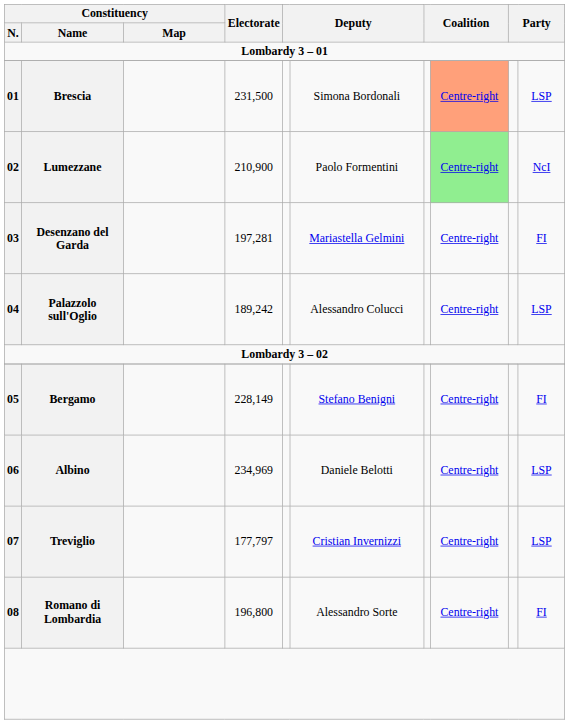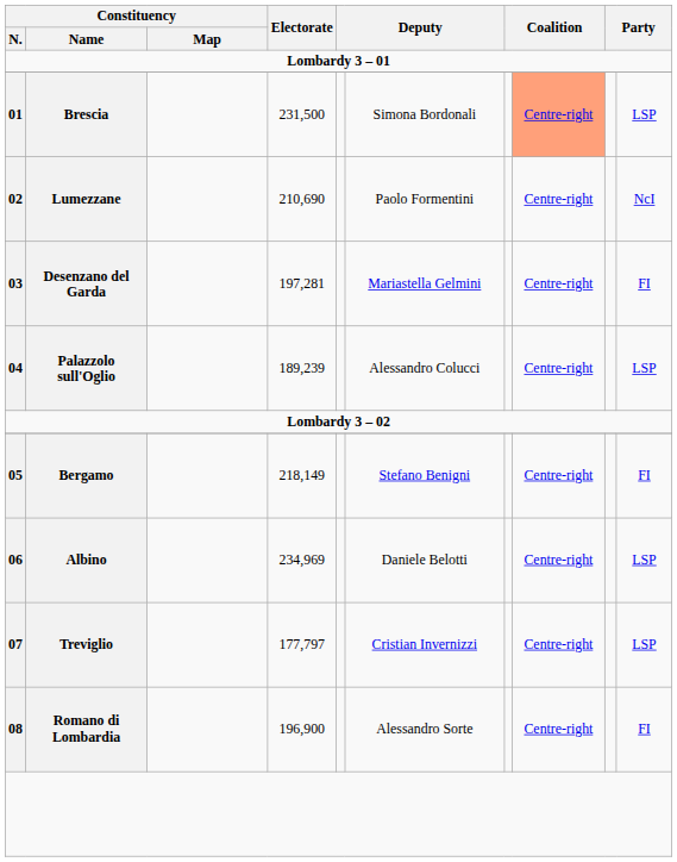 <table class="wikitable" style="text-align:center; style="width=60%">
 <tr>
 <th width=25% colspan="3">Constituency</th>
 <th width=10% rowspan="2">Electorate</th>
 <th width=25% colspan="2" rowspan="2">Deputy</th>
 <th width=15% colspan="2" rowspan="2">Coalition</th>
 <th width=10% colspan="2" rowspan="2">Party</th>
 </tr>
 <tr>
 <th width=1%>N.</th>
 <th width=18%>Name</th>
 <th width=18%>Map</th>
 </tr>
 <tr>
 <td colspan=10 align=center><strong>Lombardy 3 – 01</strong></td>
 </tr>
 <tr>
 </tr>
 <tr style="height:6em;">
 <th>01</th>
 <th>Brescia</th>
 <td></td>
 <td>231,500</td>
 <td></td>
 <td>Simona Bordonali</td>
 <td style="background:"></td>
 <td style="background: lightsalmon;"><a href='#'>Centre-right</a></td>
 <td style="background:"></td>
 <td><a href='#'>LSP</a></td>
 </tr>
 <tr style="height:6em;">
 <th>02</th>
 <th>Lumezzane</th>
 <td></td>
-<td>210,900</td>
+<td>210,690</td>
 <td></td>
 <td>Paolo Formentini</td>
 <td style="background:"></td>
-<td style="background: lightgreen;"><a href='#'>Centre-right</a></td>
+<td><a href='#'>Centre-right</a></td>
 <td style="background:"></td>
 <td><a href='#'>NcI</a></td>
 </tr>
 <tr style="height:6em;">
 <th>03</th>
 <th>Desenzano del Garda</th>
 <td></td>
 <td>197,281</td>
 <td></td>
 <td><a href='#'>Mariastella Gelmini</a></td>
 <td style="background:"></td>
 <td><a href='#'>Centre-right</a></td>
 <td style="background:"></td>
 <td><a href='#'>FI</a></td>
 </tr>
 <tr style="height:6em;">
 <th>04</th>
 <th>Palazzolo sull'Oglio</th>
 <td></td>
-<td>189,242</td>
+<td>189,239</td>
 <td></td>
 <td>Alessandro Colucci</td>
 <td style="background:"></td>
 <td><a href='#'>Centre-right</a></td>
 <td style="background:"></td>
 <td><a href='#'>LSP</a></td>
 </tr>
 <tr>
 <td colspan=10 align=center><strong>Lombardy 3 – 02</strong></td>
 </tr>
 <tr>
 </tr>
 <tr style="height:6em;">
 <th>05</th>
 <th>Bergamo</th>
 <td></td>
-<td>228,149</td>
+<td>218,149</td>
 <td></td>
 <td><a href='#'>Stefano Benigni</a></td>
 <td style="background:"></td>
 <td><a href='#'>Centre-right</a></td>
 <td style="background:"></td>
 <td><a href='#'>FI</a></td>
 </tr>
 <tr style="height:6em;">
 <th>06</th>
 <th>Albino</th>
 <td></td>
 <td>234,969</td>
 <td></td>
 <td>Daniele Belotti</td>
 <td style="background:"></td>
 <td><a href='#'>Centre-right</a></td>
 <td style="background:"></td>
 <td><a href='#'>LSP</a></td>
 </tr>
 <tr style="height:6em;">
 <th>07</th>
 <th>Treviglio</th>
 <td></td>
 <td>177,797</td>
 <td></td>
 <td><a href='#'>Cristian Invernizzi</a></td>
 <td style="background:"></td>
 <td><a href='#'>Centre-right</a></td>
 <td style="background:"></td>
 <td><a href='#'>LSP</a></td>
 </tr>
 <tr style="height:6em;">
 <th>08</th>
 <th>Romano di Lombardia</th>
 <td></td>
-<td>196,800</td>
+<td>196,900</td>
 <td></td>
 <td>Alessandro Sorte</td>
 <td style="background:"></td>
 <td><a href='#'>Centre-right</a></td>
 <td style="background:"></td>
 <td><a href='#'>FI</a></td>
 </tr>
 <tr style="height:6em;">
 </tr>
 </table>
